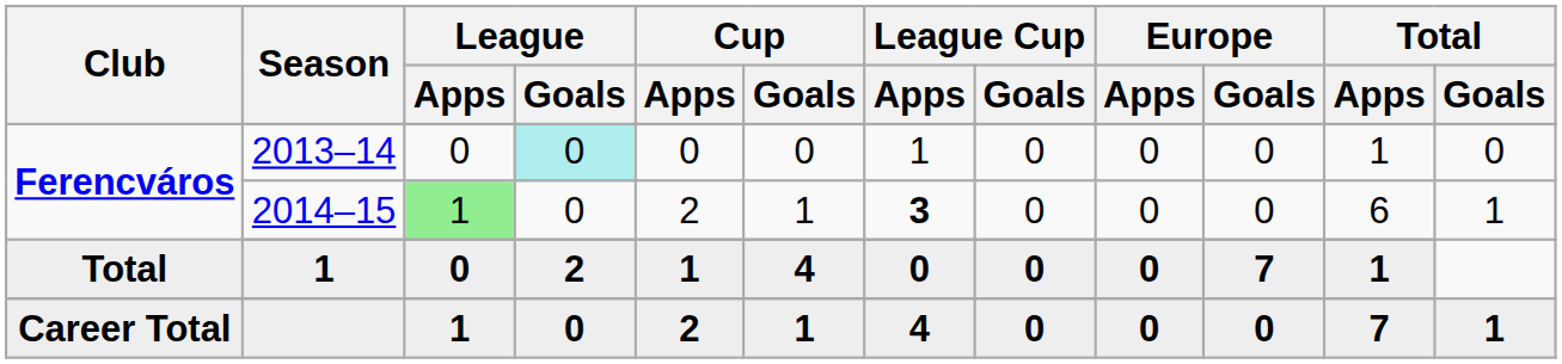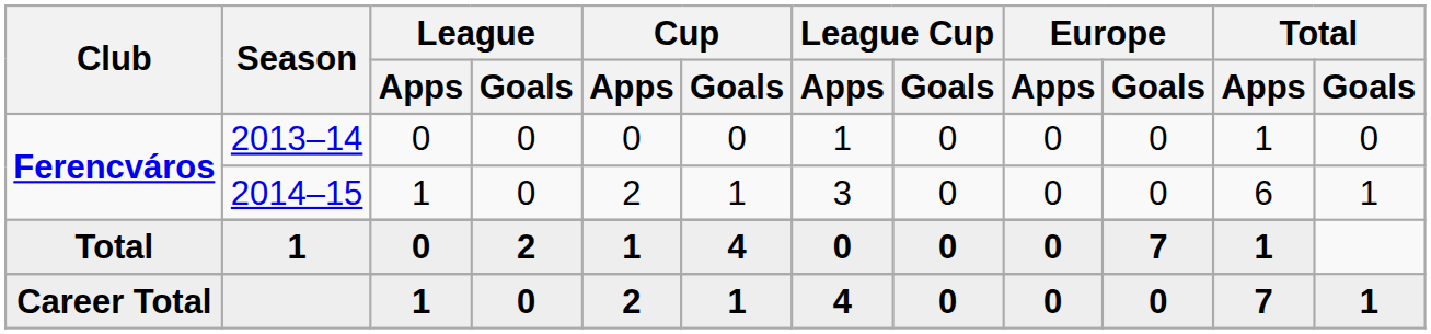 <table class="wikitable" style="font-size:90%; text-align: center;">
 <tr>
 <th rowspan="2">Club</th>
 <th rowspan="2">Season</th>
 <th colspan="2">League</th>
 <th colspan="2">Cup</th>
 <th colspan="2">League Cup</th>
 <th colspan="2">Europe</th>
 <th colspan="2">Total</th>
 </tr>
 <tr>
 <th>Apps</th>
 <th>Goals</th>
 <th>Apps</th>
 <th>Goals</th>
 <th>Apps</th>
 <th>Goals</th>
 <th>Apps</th>
 <th>Goals</th>
 <th>Apps</th>
 <th>Goals</th>
 </tr>
 <tr ||-||-||-|->
 <td rowspan="4" valign="center"><strong><a href='#'>Ferencváros</a></strong></td>
 </tr>
 <tr>
 <td><a href='#'>2013–14</a></td>
 <td>0</td>
-<td style="background: paleturquoise;">0</td>
+<td>0</td>
 <td>0</td>
 <td>0</td>
 <td>1</td>
 <td>0</td>
 <td>0</td>
 <td>0</td>
 <td>1</td>
 <td>0</td>
 </tr>
 <tr>
 <td><a href='#'>2014–15</a></td>
-<td style="background: lightgreen;">1</td>
+<td>1</td>
 <td>0</td>
 <td>2</td>
 <td>1</td>
-<td><strong>3</strong></td>
+<td>3</td>
 <td>0</td>
 <td>0</td>
 <td>0</td>
 <td>6</td>
 <td>1</td>
 </tr>
 <tr>
 </tr>
 <tr style="font-weight:bold; background-color:#eeeeee;">
 <td>Total</td>
 <td>1</td>
 <td>0</td>
 <td>2</td>
 <td>1</td>
 <td>4</td>
 <td>0</td>
 <td>0</td>
 <td>0</td>
 <td>7</td>
 <td>1</td>
 </tr>
 <tr>
 </tr>
 <tr style="font-weight:bold; background-color:#eeeeee;">
 <td rowspan="2" valign="top"><strong>Career Total</strong></td>
 <td></td>
 <td><strong>1</strong></td>
 <td><strong>0</strong></td>
 <td><strong>2</strong></td>
 <td><strong>1</strong></td>
 <td><strong>4</strong></td>
 <td><strong>0</strong></td>
 <td><strong>0</strong></td>
 <td><strong>0</strong></td>
 <td><strong>7</strong></td>
 <td><strong>1</strong></td>
 </tr>
 </table>
